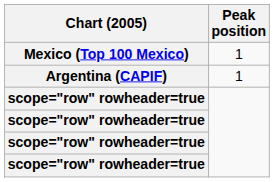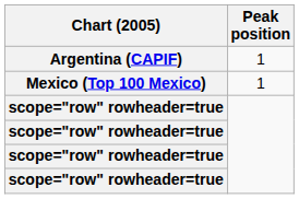 <table class="wikitable sortable plainrowheaders">
 <tr>
 <th>Chart (2005)</th>
 <th>Peak<br>position</th>
 </tr>
 <tr>
-<th scope="row">Mexico (<a href='#'>Top 100 Mexico</a>)</th>
+<th scope="row">Argentina (<a href='#'>CAPIF</a>)</th>
 <td style="text-align:center;">1</td>
 </tr>
 <tr>
-<th scope="row">Argentina (<a href='#'>CAPIF</a>)</th>
+<th scope="row">Mexico (<a href='#'>Top 100 Mexico</a>)</th>
 <td style="text-align:center;">1</td>
 </tr>
 <tr>
 <th>scope="row" rowheader=true</th>
 </tr>
 <tr>
 <th>scope="row" rowheader=true</th>
 </tr>
 <tr>
 <th>scope="row" rowheader=true</th>
 </tr>
 <tr>
 <th>scope="row" rowheader=true</th>
 </tr>
 </table>
